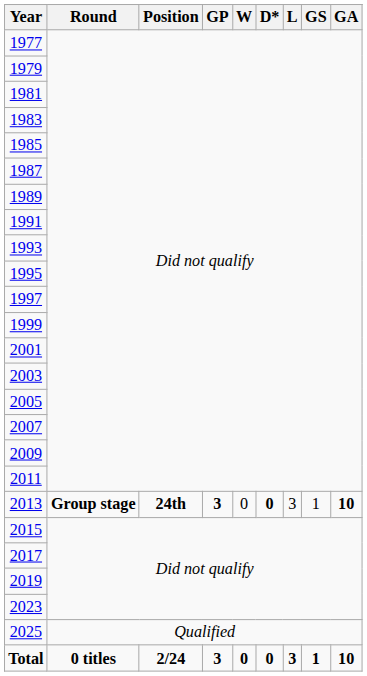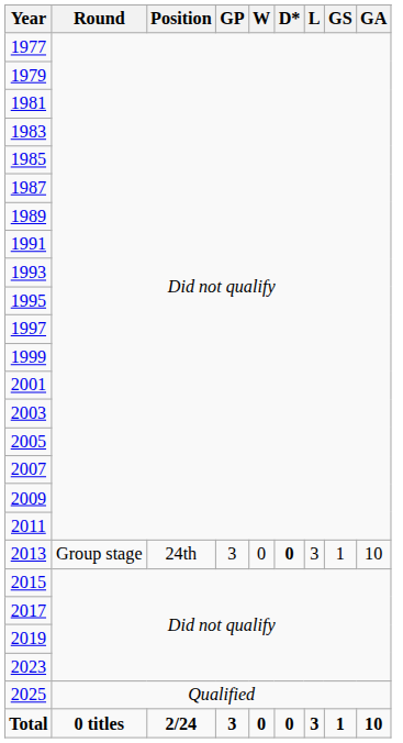 <table class="wikitable" style="text-align: center;">
 <tr>
 </tr>
 <tr>
 <th>Year</th>
 <th>Round</th>
 <th>Position</th>
 <th>GP</th>
 <th>W</th>
 <th>D*</th>
 <th>L</th>
 <th>GS</th>
 <th>GA</th>
 </tr>
 <tr>
 <td> <a href='#'>1977</a></td>
 <td rowspan=18 colspan=8><em>Did not qualify</em></td>
 </tr>
 <tr>
 <td> <a href='#'>1979</a></td>
 </tr>
 <tr>
 <td> <a href='#'>1981</a></td>
 </tr>
 <tr>
 <td> <a href='#'>1983</a></td>
 </tr>
 <tr>
 <td> <a href='#'>1985</a></td>
 </tr>
 <tr>
 <td> <a href='#'>1987</a></td>
 </tr>
 <tr>
 <td> <a href='#'>1989</a></td>
 </tr>
 <tr>
 <td> <a href='#'>1991</a></td>
 </tr>
 <tr>
 <td> <a href='#'>1993</a></td>
 </tr>
 <tr>
 <td> <a href='#'>1995</a></td>
 </tr>
 <tr>
 <td> <a href='#'>1997</a></td>
 </tr>
 <tr>
 <td> <a href='#'>1999</a></td>
 </tr>
 <tr>
 <td> <a href='#'>2001</a></td>
 </tr>
 <tr>
 <td> <a href='#'>2003</a></td>
 </tr>
 <tr>
 <td> <a href='#'>2005</a></td>
 </tr>
 <tr>
 <td> <a href='#'>2007</a></td>
 </tr>
 <tr>
 <td> <a href='#'>2009</a></td>
 </tr>
 <tr>
 <td> <a href='#'>2011</a></td>
 </tr>
 <tr>
 <td> <a href='#'>2013</a></td>
-<td><strong>Group stage</strong></td>
-<td><strong>24th</strong></td>
-<td><strong>3</strong></td>
+<td>Group stage</td>
+<td>24th</td>
+<td>3</td>
 <td>0</td>
 <td><strong>0</strong></td>
 <td>3</td>
 <td>1</td>
-<td><strong>10</strong></td>
+<td>10</td>
 </tr>
 <tr>
 <td> <a href='#'>2015</a></td>
 <td rowspan=4 colspan=8><em>Did not qualify</em></td>
 </tr>
 <tr>
 <td> <a href='#'>2017</a></td>
 </tr>
 <tr>
 <td> <a href='#'>2019</a></td>
 </tr>
 <tr>
 <td> <a href='#'>2023</a></td>
 </tr>
 <tr>
 <td> <a href='#'>2025</a></td>
 <td colspan=8><em>Qualified</em></td>
 </tr>
 <tr>
 <td><strong>Total</strong></td>
 <td><strong>0 titles</strong></td>
 <td><strong>2/24</strong></td>
 <td><strong>3</strong></td>
 <td><strong>0</strong></td>
 <td><strong>0</strong></td>
 <td><strong>3</strong></td>
 <td><strong>1</strong></td>
 <td><strong>10</strong></td>
 </tr>
 </table>
